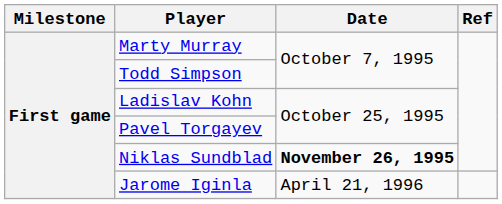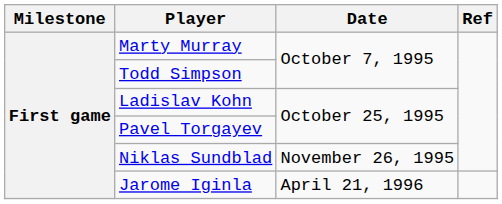 <table class="wikitable">
 <tr>
 <th scope="col">Milestone</th>
 <th scope="col">Player</th>
 <th scope="col">Date</th>
 <th scope="col">Ref</th>
 </tr>
 <tr>
 <th rowspan=6>First game</th>
 <td><a href='#'>Marty Murray</a></td>
 <td rowspan=2>October 7, 1995</td>
 <td rowspan=5></td>
 </tr>
 <tr>
 <td><a href='#'>Todd Simpson</a></td>
 </tr>
 <tr>
 <td><a href='#'>Ladislav Kohn</a></td>
 <td rowspan=2>October 25, 1995</td>
 </tr>
 <tr>
 <td><a href='#'>Pavel Torgayev</a></td>
 </tr>
 <tr>
 <td><a href='#'>Niklas Sundblad</a></td>
-<td><strong>November 26, 1995</strong></td>
+<td>November 26, 1995</td>
 </tr>
 <tr>
 <td><a href='#'>Jarome Iginla</a></td>
 <td>April 21, 1996</td>
 <td></td>
 </tr>
 </table>
